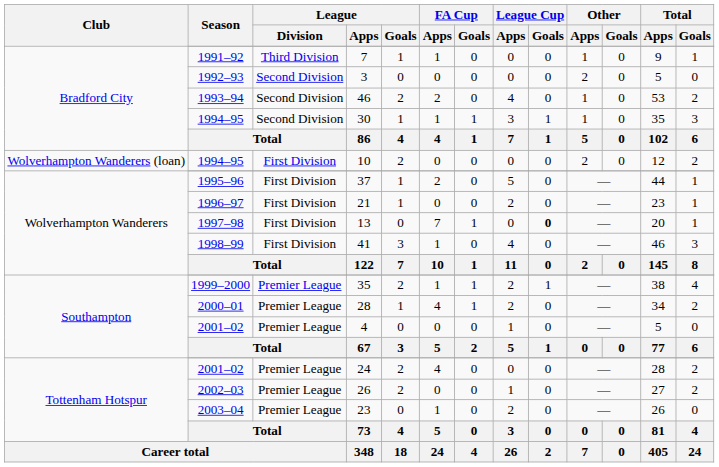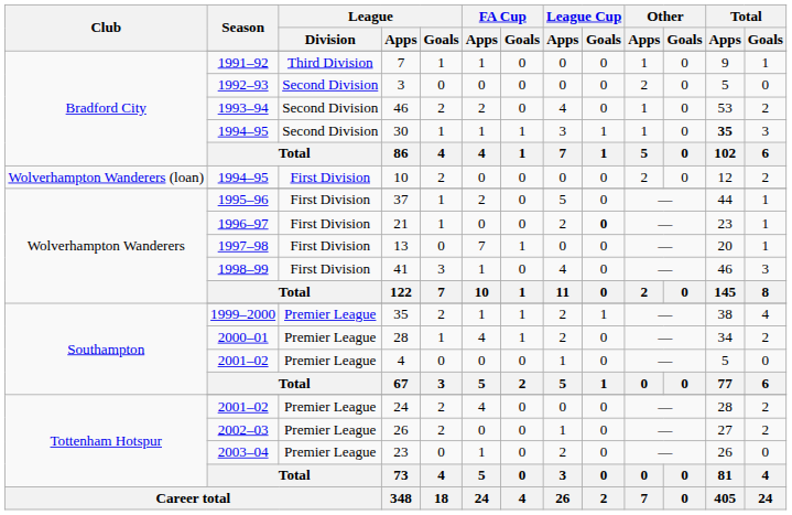 <table class=wikitable style=text-align:center>
 <tr>
 <th rowspan=2>Club</th>
 <th rowspan=2>Season</th>
 <th colspan=3>League</th>
 <th colspan=2><a href='#'>FA Cup</a></th>
 <th colspan=2><a href='#'>League Cup</a></th>
 <th colspan=2>Other</th>
 <th colspan=2>Total</th>
 </tr>
 <tr>
 <th>Division</th>
 <th>Apps</th>
 <th>Goals</th>
 <th>Apps</th>
 <th>Goals</th>
 <th>Apps</th>
 <th>Goals</th>
 <th>Apps</th>
 <th>Goals</th>
 <th>Apps</th>
 <th>Goals</th>
 </tr>
 <tr>
 <td rowspan=6><a href='#'>Bradford City</a></td>
 </tr>
 <tr>
 <td><a href='#'>1991–92</a></td>
 <td><a href='#'>Third Division</a></td>
 <td>7</td>
 <td>1</td>
 <td>1</td>
 <td>0</td>
 <td>0</td>
 <td>0</td>
 <td>1</td>
 <td>0</td>
 <td>9</td>
 <td>1</td>
 </tr>
 <tr>
 <td><a href='#'>1992–93</a></td>
 <td><a href='#'>Second Division</a></td>
 <td>3</td>
 <td>0</td>
 <td>0</td>
 <td>0</td>
 <td>0</td>
 <td>0</td>
 <td>2</td>
 <td>0</td>
 <td>5</td>
 <td>0</td>
 </tr>
 <tr>
 <td><a href='#'>1993–94</a></td>
 <td>Second Division</td>
 <td>46</td>
 <td>2</td>
 <td>2</td>
 <td>0</td>
 <td>4</td>
 <td>0</td>
 <td>1</td>
 <td>0</td>
 <td>53</td>
 <td>2</td>
 </tr>
 <tr>
 <td><a href='#'>1994–95</a></td>
 <td>Second Division</td>
 <td>30</td>
 <td>1</td>
 <td>1</td>
 <td>1</td>
 <td>3</td>
 <td>1</td>
 <td>1</td>
 <td>0</td>
-<td>35</td>
+<td><strong>35</strong></td>
 <td>3</td>
 </tr>
 <tr>
 <th colspan=2>Total</th>
 <th>86</th>
 <th>4</th>
 <th>4</th>
 <th>1</th>
 <th>7</th>
 <th>1</th>
 <th>5</th>
 <th>0</th>
 <th>102</th>
 <th>6</th>
 </tr>
 <tr>
 <td><a href='#'>Wolverhampton Wanderers</a> (loan)</td>
 <td><a href='#'>1994–95</a></td>
 <td><a href='#'>First Division</a></td>
 <td>10</td>
 <td>2</td>
 <td>0</td>
 <td>0</td>
 <td>0</td>
 <td>0</td>
 <td>2</td>
 <td>0</td>
 <td>12</td>
 <td>2</td>
 </tr>
 <tr>
 <td rowspan=6>Wolverhampton Wanderers</td>
 </tr>
 <tr>
 <td><a href='#'>1995–96</a></td>
 <td>First Division</td>
 <td>37</td>
 <td>1</td>
 <td>2</td>
 <td>0</td>
 <td>5</td>
 <td>0</td>
 <td colspan=2>—</td>
 <td>44</td>
 <td>1</td>
 </tr>
 <tr>
 <td><a href='#'>1996–97</a></td>
 <td>First Division</td>
 <td>21</td>
 <td>1</td>
 <td>0</td>
 <td>0</td>
 <td>2</td>
-<td>0</td>
+<td><strong>0</strong></td>
 <td colspan=2>—</td>
 <td>23</td>
 <td>1</td>
 </tr>
 <tr>
 <td><a href='#'>1997–98</a></td>
 <td>First Division</td>
 <td>13</td>
 <td>0</td>
 <td>7</td>
 <td>1</td>
 <td>0</td>
-<td><strong>0</strong></td>
+<td>0</td>
 <td colspan=2>—</td>
 <td>20</td>
 <td>1</td>
 </tr>
 <tr>
 <td><a href='#'>1998–99</a></td>
 <td>First Division</td>
 <td>41</td>
 <td>3</td>
 <td>1</td>
 <td>0</td>
 <td>4</td>
 <td>0</td>
 <td colspan=2>—</td>
 <td>46</td>
 <td>3</td>
 </tr>
 <tr>
 <th colspan=2>Total</th>
 <th>122</th>
 <th>7</th>
 <th>10</th>
 <th>1</th>
 <th>11</th>
 <th>0</th>
 <th>2</th>
 <th>0</th>
 <th>145</th>
 <th>8</th>
 </tr>
 <tr>
 <td rowspan=5><a href='#'>Southampton</a></td>
 </tr>
 <tr>
 <td><a href='#'>1999–2000</a></td>
 <td><a href='#'>Premier League</a></td>
 <td>35</td>
 <td>2</td>
 <td>1</td>
 <td>1</td>
 <td>2</td>
 <td>1</td>
 <td colspan=2>—</td>
 <td>38</td>
 <td>4</td>
 </tr>
 <tr>
 <td><a href='#'>2000–01</a></td>
 <td>Premier League</td>
 <td>28</td>
 <td>1</td>
 <td>4</td>
 <td>1</td>
 <td>2</td>
 <td>0</td>
 <td colspan=2>—</td>
 <td>34</td>
 <td>2</td>
 </tr>
 <tr>
 <td><a href='#'>2001–02</a></td>
 <td>Premier League</td>
 <td>4</td>
 <td>0</td>
 <td>0</td>
 <td>0</td>
 <td>1</td>
 <td>0</td>
 <td colspan=2>—</td>
 <td>5</td>
 <td>0</td>
 </tr>
 <tr>
 <th colspan=2>Total</th>
 <th>67</th>
 <th>3</th>
 <th>5</th>
 <th>2</th>
 <th>5</th>
 <th>1</th>
 <th>0</th>
 <th>0</th>
 <th>77</th>
 <th>6</th>
 </tr>
 <tr>
 <td rowspan=5><a href='#'>Tottenham Hotspur</a></td>
 </tr>
 <tr>
 <td><a href='#'>2001–02</a></td>
 <td>Premier League</td>
 <td>24</td>
 <td>2</td>
 <td>4</td>
 <td>0</td>
 <td>0</td>
 <td>0</td>
 <td colspan=2>—</td>
 <td>28</td>
 <td>2</td>
 </tr>
 <tr>
 <td><a href='#'>2002–03</a></td>
 <td>Premier League</td>
 <td>26</td>
 <td>2</td>
 <td>0</td>
 <td>0</td>
 <td>1</td>
 <td>0</td>
 <td colspan=2>—</td>
 <td>27</td>
 <td>2</td>
 </tr>
 <tr>
 <td><a href='#'>2003–04</a></td>
 <td>Premier League</td>
 <td>23</td>
 <td>0</td>
 <td>1</td>
 <td>0</td>
 <td>2</td>
 <td>0</td>
 <td colspan=2>—</td>
 <td>26</td>
 <td>0</td>
 </tr>
 <tr>
 <th colspan=2>Total</th>
 <th>73</th>
 <th>4</th>
 <th>5</th>
 <th>0</th>
 <th>3</th>
 <th>0</th>
 <th>0</th>
 <th>0</th>
 <th>81</th>
 <th>4</th>
 </tr>
 <tr>
 <th colspan=3>Career total</th>
 <th>348</th>
 <th>18</th>
 <th>24</th>
 <th>4</th>
 <th>26</th>
 <th>2</th>
 <th>7</th>
 <th>0</th>
 <th>405</th>
 <th>24</th>
 </tr>
 </table>
